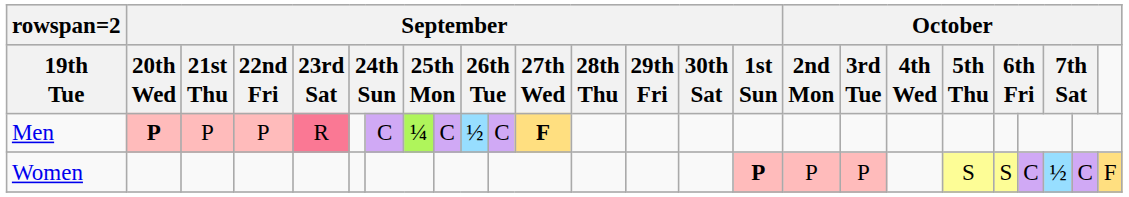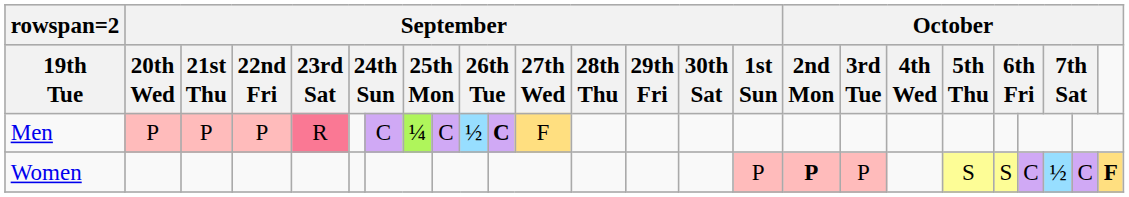 <table class="wikitable" style="margin:0.5em auto; font-size:90%; line-height:1.25em; text-align:center">
 <tr>
 <th>rowspan=2 </th>
 <th colspan=15>September</th>
 <th colspan=9>October</th>
 </tr>
 <tr>
 <th>19th<br>Tue</th>
 <th>20th<br>Wed</th>
 <th>21st<br>Thu</th>
 <th>22nd<br>Fri</th>
 <th>23rd<br>Sat</th>
 <th colspan=2>24th<br>Sun</th>
 <th colspan=2>25th<br>Mon</th>
 <th colspan=2>26th<br>Tue</th>
 <th>27th<br>Wed</th>
 <th>28th<br>Thu</th>
 <th>29th<br>Fri</th>
 <th>30th<br>Sat</th>
 <th>1st<br>Sun</th>
 <th>2nd<br>Mon</th>
 <th>3rd<br>Tue</th>
 <th>4th<br>Wed</th>
 <th>5th<br>Thu</th>
 <th colspan=2>6th<br>Fri</th>
 <th colspan=2>7th<br>Sat</th>
 </tr>
 <tr>
 <td style="text-align:left;"><a href='#'>Men</a></td>
-<td bgcolor="#FFBBBB"><strong>P</strong></td>
+<td bgcolor="#FFBBBB">P</td>
 <td bgcolor="#FFBBBB">P</td>
 <td bgcolor="#FFBBBB">P</td>
 <td bgcolor="#FA7894">R</td>
 <td></td>
 <td bgcolor="#D0A9F5">C</td>
 <td bgcolor="#AFF55B">¼</td>
 <td bgcolor="#D0A9F5">C</td>
 <td bgcolor="#97DEFF">½</td>
-<td bgcolor="#D0A9F5">C</td>
-<td bgcolor="#FFDF80"><strong>F</strong></td>
+<td bgcolor="#D0A9F5"><strong>C</strong></td>
+<td bgcolor="#FFDF80">F</td>
 <td></td>
 <td></td>
 <td></td>
 <td></td>
 <td></td>
 <td></td>
 <td></td>
 <td></td>
 <td></td>
 <td colspan=2></td>
 <td colspan=2></td>
 </tr>
 <tr>
 <td style="text-align:left;"><a href='#'>Women</a></td>
 <td></td>
 <td></td>
 <td></td>
 <td></td>
 <td></td>
 <td colspan=2></td>
 <td colspan=2></td>
 <td colspan=2></td>
 <td></td>
 <td></td>
 <td></td>
+<td bgcolor="#FFBBBB">P</td>
 <td bgcolor="#FFBBBB"><strong>P</strong></td>
-<td bgcolor="#FFBBBB">P</td>
 <td bgcolor="#FFBBBB">P</td>
 <td></td>
 <td bgcolor="#FDFD96">S</td>
 <td bgcolor="#FDFD96">S</td>
 <td bgcolor="#D0A9F5">C</td>
 <td bgcolor="#97DEFF">½</td>
 <td bgcolor="#D0A9F5">C</td>
-<td bgcolor="#FFDF80">F</td>
+<td bgcolor="#FFDF80"><strong>F</strong></td>
 </tr>
 </table>
